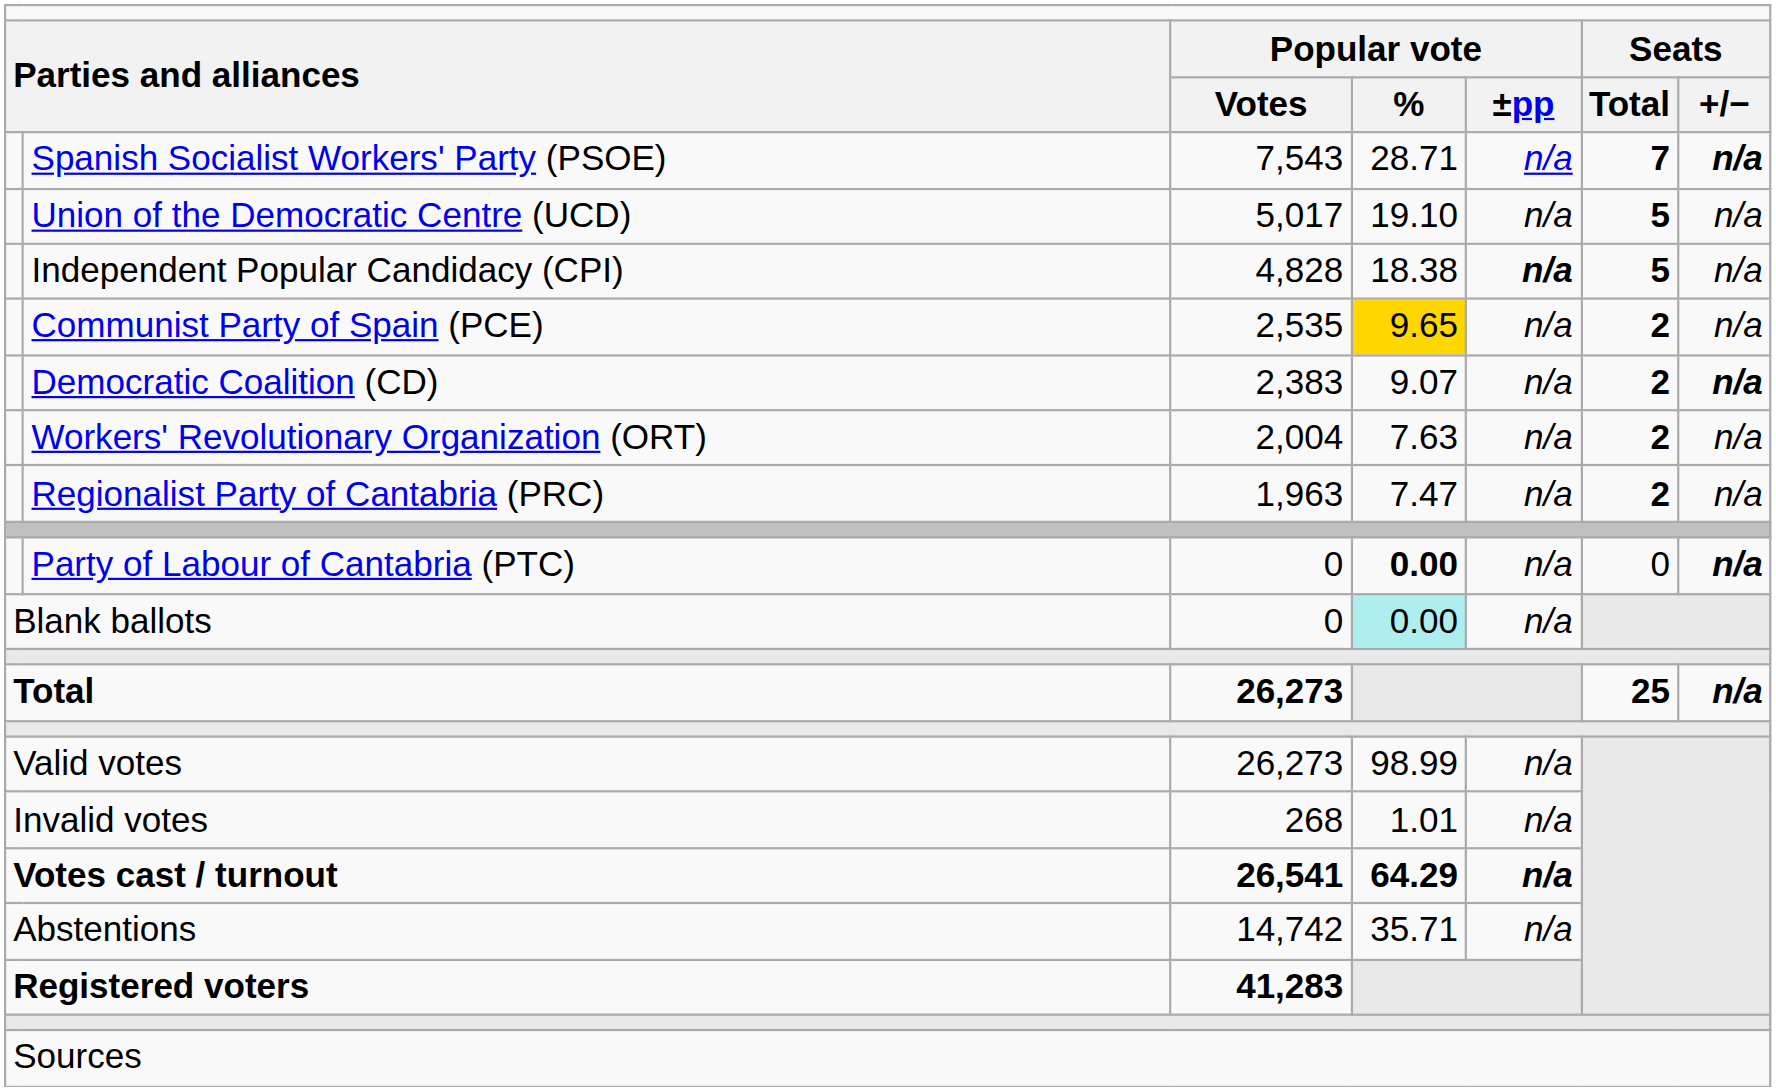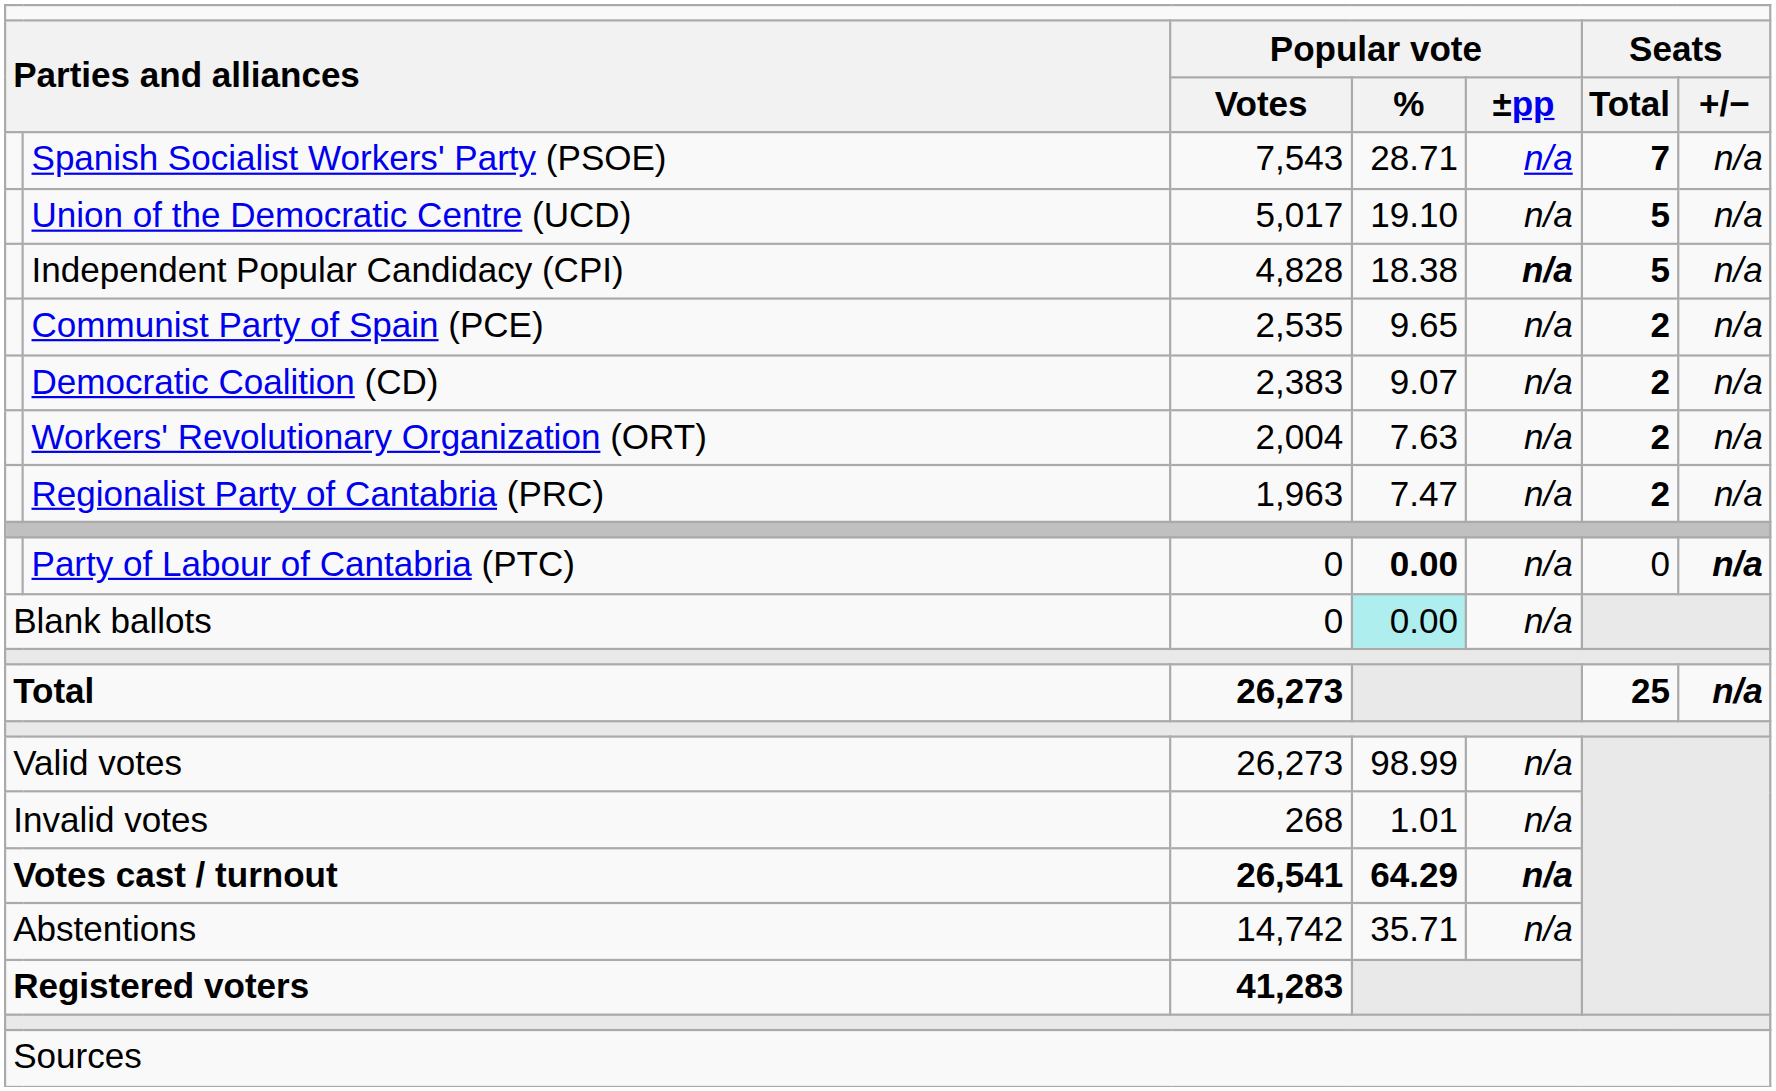 <table class="wikitable" style="text-align:right;">
 <tr>
 <td colspan="7"></td>
 </tr>
 <tr>
 <th style="text-align:left;" rowspan="2" colspan="2" width="525">Parties and alliances</th>
 <th colspan="3">Popular vote</th>
 <th colspan="2">Seats</th>
 </tr>
 <tr>
 <th width="75">Votes</th>
 <th width="45">%</th>
 <th width="45">±<a href='#'>pp</a></th>
 <th width="35">Total</th>
 <th width="35">+/−</th>
 </tr>
 <tr>
 <td width="1" style="color:inherit;background:"></td>
 <td align="left"><a href='#'>Spanish Socialist Workers' Party</a> (PSOE)</td>
 <td>7,543</td>
 <td>28.71</td>
 <td><em><a href='#'>n/a</a></em></td>
 <td><strong>7</strong></td>
-<td><strong><em>n/a</em></strong></td>
+<td><em>n/a</em></td>
 </tr>
 <tr>
 <td style="color:inherit;background:"></td>
 <td align="left"><a href='#'>Union of the Democratic Centre</a> (UCD)</td>
 <td>5,017</td>
 <td>19.10</td>
 <td><em>n/a</em></td>
 <td><strong>5</strong></td>
 <td><em>n/a</em></td>
 </tr>
 <tr>
 <td style="color:inherit;background:"></td>
 <td align="left">Independent Popular Candidacy (CPI)</td>
 <td>4,828</td>
 <td>18.38</td>
 <td><strong><em>n/a</em></strong></td>
 <td><strong>5</strong></td>
 <td><em>n/a</em></td>
 </tr>
 <tr>
 <td style="color:inherit;background:"></td>
 <td align="left"><a href='#'>Communist Party of Spain</a> (PCE)</td>
 <td>2,535</td>
-<td style="background: gold;">9.65</td>
+<td>9.65</td>
 <td><em>n/a</em></td>
 <td><strong>2</strong></td>
 <td><em>n/a</em></td>
 </tr>
 <tr>
 <td style="color:inherit;background:"></td>
 <td align="left"><a href='#'>Democratic Coalition</a> (CD)</td>
 <td>2,383</td>
 <td>9.07</td>
 <td><em>n/a</em></td>
 <td><strong>2</strong></td>
-<td><strong><em>n/a</em></strong></td>
+<td><em>n/a</em></td>
 </tr>
 <tr>
 <td style="color:inherit;background:"></td>
 <td align="left"><a href='#'>Workers' Revolutionary Organization</a> (ORT)</td>
 <td>2,004</td>
 <td>7.63</td>
 <td><em>n/a</em></td>
 <td><strong>2</strong></td>
 <td><em>n/a</em></td>
 </tr>
 <tr>
 <td style="color:inherit;background:"></td>
 <td align="left"><a href='#'>Regionalist Party of Cantabria</a> (PRC)</td>
 <td>1,963</td>
 <td>7.47</td>
 <td><em>n/a</em></td>
 <td><strong>2</strong></td>
 <td><em>n/a</em></td>
 </tr>
 <tr>
 <td colspan="7" bgcolor="#C0C0C0"></td>
 </tr>
 <tr>
 <td style="color:inherit;background:"></td>
 <td align="left"><a href='#'>Party of Labour of Cantabria</a> (PTC)</td>
 <td>0</td>
 <td><strong>0.00</strong></td>
 <td><em>n/a</em></td>
 <td>0</td>
 <td><strong><em>n/a</em></strong></td>
 </tr>
 <tr>
 <td align="left" colspan="2">Blank ballots</td>
 <td>0</td>
 <td style="background: paleturquoise;">0.00</td>
 <td><em>n/a</em></td>
 <td bgcolor="#E9E9E9" colspan="2"></td>
 </tr>
 <tr>
 <td colspan="7" bgcolor="#E9E9E9"></td>
 </tr>
 <tr style="font-weight:bold;">
 <td align="left" colspan="2">Total</td>
 <td>26,273</td>
 <td bgcolor="#E9E9E9" colspan="2"></td>
 <td>25</td>
 <td><em>n/a</em></td>
 </tr>
 <tr>
 <td colspan="7" bgcolor="#E9E9E9"></td>
 </tr>
 <tr>
 <td align="left" colspan="2">Valid votes</td>
 <td>26,273</td>
 <td>98.99</td>
 <td><em>n/a</em></td>
 <td bgcolor="#E9E9E9" colspan="2" rowspan="5"></td>
 </tr>
 <tr>
 <td align="left" colspan="2">Invalid votes</td>
 <td>268</td>
 <td>1.01</td>
 <td><em>n/a</em></td>
 </tr>
 <tr style="font-weight:bold;">
 <td align="left" colspan="2">Votes cast / turnout</td>
 <td>26,541</td>
 <td>64.29</td>
 <td><em>n/a</em></td>
 </tr>
 <tr>
 <td align="left" colspan="2">Abstentions</td>
 <td>14,742</td>
 <td>35.71</td>
 <td><em>n/a</em></td>
 </tr>
 <tr style="font-weight:bold;">
 <td align="left" colspan="2">Registered voters</td>
 <td>41,283</td>
 <td bgcolor="#E9E9E9" colspan="2"></td>
 </tr>
 <tr>
 <td colspan="7" bgcolor="#E9E9E9"></td>
 </tr>
 <tr>
 <td align="left" colspan="7">Sources</td>
 </tr>
 </table>
